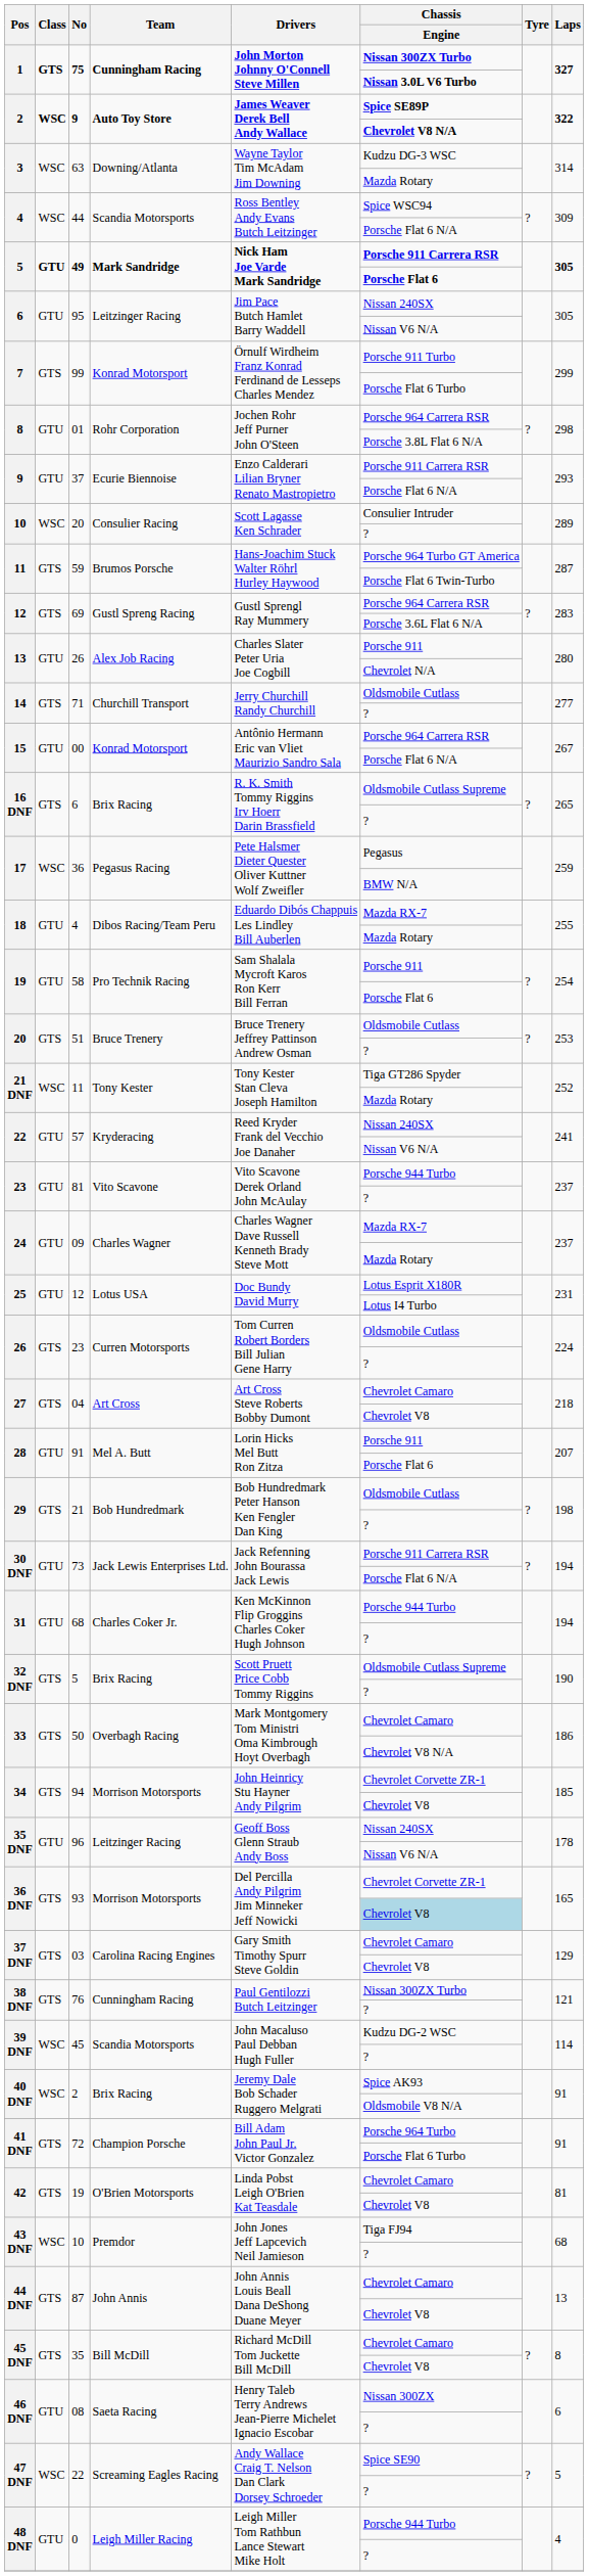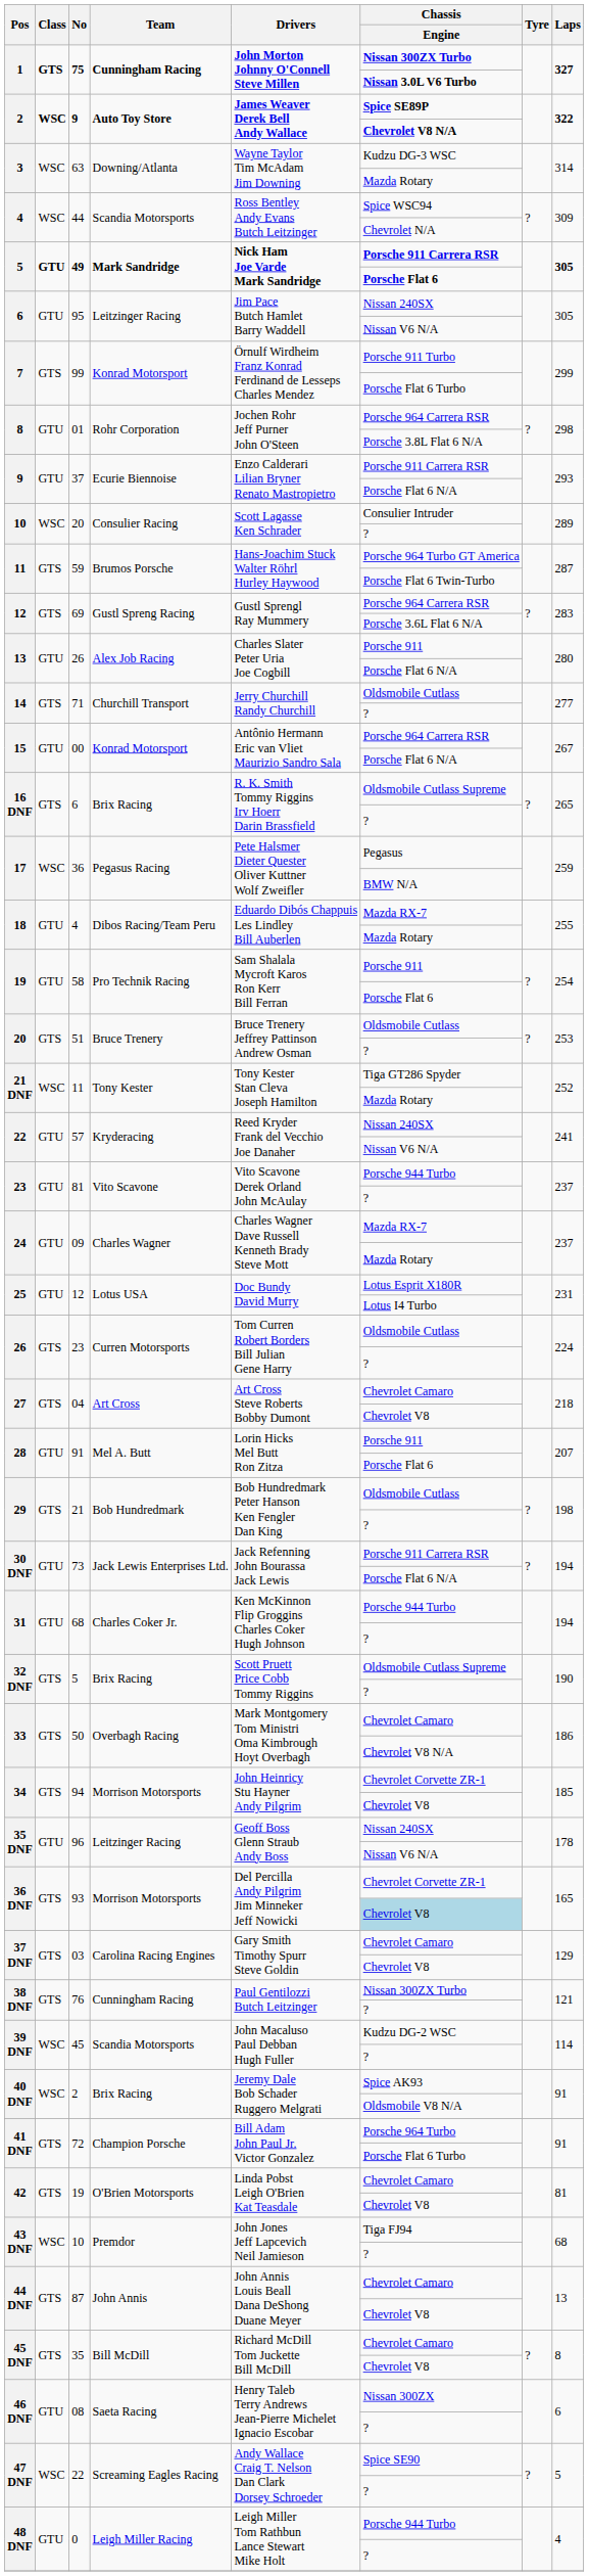 <table class="wikitable" style="font-size: 95%">
 <tr>
 <th rowspan=2>Pos</th>
 <th rowspan=2>Class</th>
 <th rowspan=2>No</th>
 <th rowspan=2>Team</th>
 <th rowspan=2>Drivers</th>
 <th>Chassis</th>
 <th rowspan=2>Tyre</th>
 <th rowspan=2>Laps</th>
 </tr>
 <tr>
 <th>Engine</th>
 </tr>
 <tr style="font-weight:bold">
 <th rowspan=2>1</th>
 <td rowspan=2>GTS</td>
 <td rowspan=2>75</td>
 <td rowspan=2> Cunningham Racing</td>
 <td rowspan=2> <a href='#'>John Morton</a><br> <a href='#'>Johnny O'Connell</a><br> <a href='#'>Steve Millen</a></td>
 <td><a href='#'>Nissan 300ZX Turbo</a></td>
 <td rowspan=2></td>
 <td rowspan=2>327</td>
 </tr>
 <tr style="font-weight:bold">
 <td><a href='#'>Nissan</a> 3.0L V6 Turbo</td>
 </tr>
 <tr style="font-weight:bold">
 <th rowspan=2>2</th>
 <td rowspan=2>WSC</td>
 <td rowspan=2>9</td>
 <td rowspan=2> Auto Toy Store</td>
 <td rowspan=2> <a href='#'>James Weaver</a><br> <a href='#'>Derek Bell</a><br> <a href='#'>Andy Wallace</a></td>
 <td><a href='#'>Spice</a> SE89P</td>
 <td rowspan=2></td>
 <td rowspan=2>322</td>
 </tr>
 <tr style="font-weight:bold">
 <td><a href='#'>Chevrolet</a> V8 N/A</td>
 </tr>
 <tr>
 <th rowspan=2>3</th>
 <td rowspan=2>WSC</td>
 <td rowspan=2>63</td>
 <td rowspan=2> Downing/Atlanta</td>
 <td rowspan=2> <a href='#'>Wayne Taylor</a><br> Tim McAdam<br> <a href='#'>Jim Downing</a></td>
 <td>Kudzu DG-3 WSC</td>
 <td rowspan=2></td>
 <td rowspan=2>314</td>
 </tr>
 <tr>
 <td><a href='#'>Mazda</a> Rotary</td>
 </tr>
 <tr>
 <th rowspan=2>4</th>
 <td rowspan=2>WSC</td>
 <td rowspan=2>44</td>
 <td rowspan=2> Scandia Motorsports</td>
 <td rowspan=2> <a href='#'>Ross Bentley</a><br> <a href='#'>Andy Evans</a><br> <a href='#'>Butch Leitzinger</a></td>
 <td><a href='#'>Spice</a> WSC94</td>
 <td rowspan=2>?</td>
 <td rowspan=2>309</td>
 </tr>
 <tr>
-<td><a href='#'>Porsche</a> Flat 6 N/A</td>
+<td><a href='#'>Chevrolet</a> N/A</td>
 </tr>
 <tr style="font-weight:bold">
 <th rowspan=2>5</th>
 <td rowspan=2>GTU</td>
 <td rowspan=2>49</td>
 <td rowspan=2> Mark Sandridge</td>
 <td rowspan=2> Nick Ham<br> <a href='#'>Joe Varde</a><br> Mark Sandridge</td>
 <td><a href='#'>Porsche 911 Carrera RSR</a></td>
 <td rowspan=2></td>
 <td rowspan=2>305</td>
 </tr>
 <tr style="font-weight:bold">
 <td><a href='#'>Porsche</a> Flat 6</td>
 </tr>
 <tr>
 <th rowspan=2>6</th>
 <td rowspan=2>GTU</td>
 <td rowspan=2>95</td>
 <td rowspan=2> Leitzinger Racing</td>
 <td rowspan=2> <a href='#'>Jim Pace</a><br> Butch Hamlet<br> Barry Waddell</td>
 <td><a href='#'>Nissan 240SX</a></td>
 <td rowspan=2></td>
 <td rowspan=2>305</td>
 </tr>
 <tr>
 <td><a href='#'>Nissan</a> V6 N/A</td>
 </tr>
 <tr>
 <th rowspan=2>7</th>
 <td rowspan=2>GTS</td>
 <td rowspan=2>99</td>
 <td rowspan=2> <a href='#'>Konrad Motorsport</a></td>
 <td rowspan=2> Örnulf Wirdheim<br> <a href='#'>Franz Konrad</a><br> Ferdinand de Lesseps<br> Charles Mendez</td>
 <td><a href='#'>Porsche 911 Turbo</a></td>
 <td rowspan=2></td>
 <td rowspan=2>299</td>
 </tr>
 <tr>
 <td><a href='#'>Porsche</a> Flat 6 Turbo</td>
 </tr>
 <tr>
 <th rowspan=2>8</th>
 <td rowspan=2>GTU</td>
 <td rowspan=2>01</td>
 <td rowspan=2> Rohr Corporation</td>
 <td rowspan=2> Jochen Rohr<br> Jeff Purner<br> John O'Steen</td>
 <td><a href='#'>Porsche 964 Carrera RSR</a></td>
 <td rowspan=2>?</td>
 <td rowspan=2>298</td>
 </tr>
 <tr>
 <td><a href='#'>Porsche</a> 3.8L Flat 6 N/A</td>
 </tr>
 <tr>
 <th rowspan=2>9</th>
 <td rowspan=2>GTU</td>
 <td rowspan=2>37</td>
 <td rowspan=2> Ecurie Biennoise</td>
 <td rowspan=2> Enzo Calderari<br> <a href='#'>Lilian Bryner</a><br> <a href='#'>Renato Mastropietro</a></td>
 <td><a href='#'>Porsche 911 Carrera RSR</a></td>
 <td rowspan=2></td>
 <td rowspan=2>293</td>
 </tr>
 <tr>
 <td><a href='#'>Porsche</a> Flat 6 N/A</td>
 </tr>
 <tr>
 <th rowspan=2>10</th>
 <td rowspan=2>WSC</td>
 <td rowspan=2>20</td>
 <td rowspan=2> Consulier Racing</td>
 <td rowspan=2> <a href='#'>Scott Lagasse</a><br> <a href='#'>Ken Schrader</a></td>
 <td>Consulier Intruder</td>
 <td rowspan=2></td>
 <td rowspan=2>289</td>
 </tr>
 <tr>
 <td>?</td>
 </tr>
 <tr>
 <th rowspan=2>11</th>
 <td rowspan=2>GTS</td>
 <td rowspan=2>59</td>
 <td rowspan=2> Brumos Porsche</td>
 <td rowspan=2> <a href='#'>Hans-Joachim Stuck</a><br> <a href='#'>Walter Röhrl</a><br> <a href='#'>Hurley Haywood</a></td>
 <td><a href='#'>Porsche 964 Turbo GT America</a></td>
 <td rowspan=2></td>
 <td rowspan=2>287</td>
 </tr>
 <tr>
 <td><a href='#'>Porsche</a> Flat 6 Twin-Turbo</td>
 </tr>
 <tr>
 <th rowspan=2>12</th>
 <td rowspan=2>GTS</td>
 <td rowspan=2>69</td>
 <td rowspan=2> Gustl Spreng Racing</td>
 <td rowspan=2> Gustl Sprengl<br> Ray Mummery</td>
 <td><a href='#'>Porsche 964 Carrera RSR</a></td>
 <td rowspan=2>?</td>
 <td rowspan=2>283</td>
 </tr>
 <tr>
 <td><a href='#'>Porsche</a> 3.6L Flat 6 N/A</td>
 </tr>
 <tr>
 <th rowspan=2>13</th>
 <td rowspan=2>GTU</td>
 <td rowspan=2>26</td>
 <td rowspan=2> <a href='#'>Alex Job Racing</a></td>
 <td rowspan=2> Charles Slater<br> Peter Uria<br> Joe Cogbill</td>
 <td><a href='#'>Porsche 911</a></td>
 <td rowspan=2></td>
 <td rowspan=2>280</td>
 </tr>
 <tr>
-<td><a href='#'>Chevrolet</a> N/A</td>
+<td><a href='#'>Porsche</a> Flat 6 N/A</td>
 </tr>
 <tr>
 <th rowspan=2>14</th>
 <td rowspan=2>GTS</td>
 <td rowspan=2>71</td>
 <td rowspan=2> Churchill Transport</td>
 <td rowspan=2> <a href='#'>Jerry Churchill</a><br> <a href='#'>Randy Churchill</a></td>
 <td><a href='#'>Oldsmobile Cutlass</a></td>
 <td rowspan=2></td>
 <td rowspan=2>277</td>
 </tr>
 <tr>
 <td>?</td>
 </tr>
 <tr>
 <th rowspan=2>15</th>
 <td rowspan=2>GTU</td>
 <td rowspan=2>00</td>
 <td rowspan=2> <a href='#'>Konrad Motorsport</a></td>
 <td rowspan=2> Antônio Hermann<br> Eric van Vliet<br> <a href='#'>Maurizio Sandro Sala</a></td>
 <td><a href='#'>Porsche 964 Carrera RSR</a></td>
 <td rowspan=2></td>
 <td rowspan=2>267</td>
 </tr>
 <tr>
 <td><a href='#'>Porsche</a> Flat 6 N/A</td>
 </tr>
 <tr>
 <th rowspan=2>16<br>DNF</th>
 <td rowspan=2>GTS</td>
 <td rowspan=2>6</td>
 <td rowspan=2> Brix Racing</td>
 <td rowspan=2> <a href='#'>R. K. Smith</a><br> Tommy Riggins<br> <a href='#'>Irv Hoerr</a><br> <a href='#'>Darin Brassfield</a></td>
 <td><a href='#'>Oldsmobile Cutlass Supreme</a></td>
 <td rowspan=2>?</td>
 <td rowspan=2>265</td>
 </tr>
 <tr>
 <td>?</td>
 </tr>
 <tr>
 <th rowspan=2>17</th>
 <td rowspan=2>WSC</td>
 <td rowspan=2>36</td>
 <td rowspan=2> Pegasus Racing</td>
 <td rowspan=2> <a href='#'>Pete Halsmer</a><br> <a href='#'>Dieter Quester</a><br> Oliver Kuttner<br> Wolf Zweifler</td>
 <td>Pegasus</td>
 <td rowspan=2></td>
 <td rowspan=2>259</td>
 </tr>
 <tr>
 <td><a href='#'>BMW</a> N/A</td>
 </tr>
 <tr>
 <th rowspan=2>18</th>
 <td rowspan=2>GTU</td>
 <td rowspan=2>4</td>
 <td rowspan=2> Dibos Racing/Team Peru</td>
 <td rowspan=2> <a href='#'>Eduardo Dibós Chappuis</a><br> Les Lindley<br> <a href='#'>Bill Auberlen</a></td>
 <td><a href='#'>Mazda RX-7</a></td>
 <td rowspan=2></td>
 <td rowspan=2>255</td>
 </tr>
 <tr>
 <td><a href='#'>Mazda</a> Rotary</td>
 </tr>
 <tr>
 <th rowspan=2>19</th>
 <td rowspan=2>GTU</td>
 <td rowspan=2>58</td>
 <td rowspan=2> Pro Technik Racing</td>
 <td rowspan=2> Sam Shalala<br> Mycroft Karos<br> Ron Kerr<br> Bill Ferran</td>
 <td><a href='#'>Porsche 911</a></td>
 <td rowspan=2>?</td>
 <td rowspan=2>254</td>
 </tr>
 <tr>
 <td><a href='#'>Porsche</a> Flat 6</td>
 </tr>
 <tr>
 <th rowspan=2>20</th>
 <td rowspan=2>GTS</td>
 <td rowspan=2>51</td>
 <td rowspan=2> Bruce Trenery</td>
 <td rowspan=2> Bruce Trenery<br> Jeffrey Pattinson<br> Andrew Osman</td>
 <td><a href='#'>Oldsmobile Cutlass</a></td>
 <td rowspan=2>?</td>
 <td rowspan=2>253</td>
 </tr>
 <tr>
 <td>?</td>
 </tr>
 <tr>
 <th rowspan=2>21<br>DNF</th>
 <td rowspan=2>WSC</td>
 <td rowspan=2>11</td>
 <td rowspan=2> Tony Kester</td>
 <td rowspan=2> Tony Kester<br> Stan Cleva<br> Joseph Hamilton</td>
 <td>Tiga GT286 Spyder</td>
 <td rowspan=2></td>
 <td rowspan=2>252</td>
 </tr>
 <tr>
 <td><a href='#'>Mazda</a> Rotary</td>
 </tr>
 <tr>
 <th rowspan=2>22</th>
 <td rowspan=2>GTU</td>
 <td rowspan=2>57</td>
 <td rowspan=2> Kryderacing</td>
 <td rowspan=2> Reed Kryder<br> Frank del Vecchio<br> Joe Danaher</td>
 <td><a href='#'>Nissan 240SX</a></td>
 <td rowspan=2></td>
 <td rowspan=2>241</td>
 </tr>
 <tr>
 <td><a href='#'>Nissan</a> V6 N/A</td>
 </tr>
 <tr>
 <th rowspan=2>23</th>
 <td rowspan=2>GTU</td>
 <td rowspan=2>81</td>
 <td rowspan=2> Vito Scavone</td>
 <td rowspan=2> Vito Scavone<br> Derek Orland<br> John McAulay</td>
 <td><a href='#'>Porsche 944 Turbo</a></td>
 <td rowspan=2></td>
 <td rowspan=2>237</td>
 </tr>
 <tr>
 <td>?</td>
 </tr>
 <tr>
 <th rowspan=2>24</th>
 <td rowspan=2>GTU</td>
 <td rowspan=2>09</td>
 <td rowspan=2> Charles Wagner</td>
 <td rowspan=2> Charles Wagner<br> Dave Russell<br> Kenneth Brady<br> Steve Mott</td>
 <td><a href='#'>Mazda RX-7</a></td>
 <td rowspan=2></td>
 <td rowspan=2>237</td>
 </tr>
 <tr>
 <td><a href='#'>Mazda</a> Rotary</td>
 </tr>
 <tr>
 <th rowspan=2>25</th>
 <td rowspan=2>GTU</td>
 <td rowspan=2>12</td>
 <td rowspan=2> Lotus USA</td>
 <td rowspan=2> <a href='#'>Doc Bundy</a><br> <a href='#'>David Murry</a></td>
 <td><a href='#'>Lotus Esprit X180R</a></td>
 <td rowspan=2></td>
 <td rowspan=2>231</td>
 </tr>
 <tr>
 <td><a href='#'>Lotus</a> I4 Turbo</td>
 </tr>
 <tr>
 <th rowspan=2>26</th>
 <td rowspan=2>GTS</td>
 <td rowspan=2>23</td>
 <td rowspan=2> Curren Motorsports</td>
 <td rowspan=2> Tom Curren<br> <a href='#'>Robert Borders</a><br> Bill Julian<br> Gene Harry</td>
 <td><a href='#'>Oldsmobile Cutlass</a></td>
 <td rowspan=2></td>
 <td rowspan=2>224</td>
 </tr>
 <tr>
 <td>?</td>
 </tr>
 <tr>
 <th rowspan=2>27</th>
 <td rowspan=2>GTS</td>
 <td rowspan=2>04</td>
 <td rowspan=2> <a href='#'>Art Cross</a></td>
 <td rowspan=2> <a href='#'>Art Cross</a><br> Steve Roberts<br> Bobby Dumont</td>
 <td><a href='#'>Chevrolet Camaro</a></td>
 <td rowspan=2></td>
 <td rowspan=2>218</td>
 </tr>
 <tr>
 <td><a href='#'>Chevrolet</a> V8</td>
 </tr>
 <tr>
 <th rowspan=2>28</th>
 <td rowspan=2>GTU</td>
 <td rowspan=2>91</td>
 <td rowspan=2> Mel A. Butt</td>
 <td rowspan=2> Lorin Hicks<br> Mel Butt<br> Ron Zitza</td>
 <td><a href='#'>Porsche 911</a></td>
 <td rowspan=2></td>
 <td rowspan=2>207</td>
 </tr>
 <tr>
 <td><a href='#'>Porsche</a> Flat 6</td>
 </tr>
 <tr>
 <th rowspan=2>29</th>
 <td rowspan=2>GTS</td>
 <td rowspan=2>21</td>
 <td rowspan=2> Bob Hundredmark</td>
 <td rowspan=2> Bob Hundredmark<br> Peter Hanson<br> Ken Fengler<br> Dan King</td>
 <td><a href='#'>Oldsmobile Cutlass</a></td>
 <td rowspan=2>?</td>
 <td rowspan=2>198</td>
 </tr>
 <tr>
 <td>?</td>
 </tr>
 <tr>
 <th rowspan=2>30<br>DNF</th>
 <td rowspan=2>GTU</td>
 <td rowspan=2>73</td>
 <td rowspan=2> Jack Lewis Enterprises Ltd.</td>
 <td rowspan=2> Jack Refenning<br> John Bourassa<br> Jack Lewis</td>
 <td><a href='#'>Porsche 911 Carrera RSR</a></td>
 <td rowspan=2>?</td>
 <td rowspan=2>194</td>
 </tr>
 <tr>
 <td><a href='#'>Porsche</a> Flat 6 N/A</td>
 </tr>
 <tr>
 <th rowspan=2>31</th>
 <td rowspan=2>GTU</td>
 <td rowspan=2>68</td>
 <td rowspan=2> Charles Coker Jr.</td>
 <td rowspan=2> Ken McKinnon<br> Flip Groggins<br> Charles Coker<br> Hugh Johnson</td>
 <td><a href='#'>Porsche 944 Turbo</a></td>
 <td rowspan=2></td>
 <td rowspan=2>194</td>
 </tr>
 <tr>
 <td>?</td>
 </tr>
 <tr>
 <th rowspan=2>32<br>DNF</th>
 <td rowspan=2>GTS</td>
 <td rowspan=2>5</td>
 <td rowspan=2> Brix Racing</td>
 <td rowspan=2> <a href='#'>Scott Pruett</a><br> <a href='#'>Price Cobb</a><br> Tommy Riggins</td>
 <td><a href='#'>Oldsmobile Cutlass Supreme</a></td>
 <td rowspan=2></td>
 <td rowspan=2>190</td>
 </tr>
 <tr>
 <td>?</td>
 </tr>
 <tr>
 <th rowspan=2>33</th>
 <td rowspan=2>GTS</td>
 <td rowspan=2>50</td>
 <td rowspan=2> Overbagh Racing</td>
 <td rowspan=2> Mark Montgomery<br> Tom Ministri<br> Oma Kimbrough<br> Hoyt Overbagh</td>
 <td><a href='#'>Chevrolet Camaro</a></td>
 <td rowspan=2></td>
 <td rowspan=2>186</td>
 </tr>
 <tr>
 <td><a href='#'>Chevrolet</a> V8 N/A</td>
 </tr>
 <tr>
 <th rowspan=2>34</th>
 <td rowspan=2>GTS</td>
 <td rowspan=2>94</td>
 <td rowspan=2> Morrison Motorsports</td>
 <td rowspan=2> <a href='#'>John Heinricy</a><br> Stu Hayner<br> <a href='#'>Andy Pilgrim</a></td>
 <td><a href='#'>Chevrolet Corvette ZR-1</a></td>
 <td rowspan=2></td>
 <td rowspan=2>185</td>
 </tr>
 <tr>
 <td><a href='#'>Chevrolet</a> V8</td>
 </tr>
 <tr>
 <th rowspan=2>35<br>DNF</th>
 <td rowspan=2>GTU</td>
 <td rowspan=2>96</td>
 <td rowspan=2> Leitzinger Racing</td>
 <td rowspan=2> <a href='#'>Geoff Boss</a><br> Glenn Straub<br> <a href='#'>Andy Boss</a></td>
 <td><a href='#'>Nissan 240SX</a></td>
 <td rowspan=2></td>
 <td rowspan=2>178</td>
 </tr>
 <tr>
 <td><a href='#'>Nissan</a> V6 N/A</td>
 </tr>
 <tr>
 <th rowspan=2>36<br>DNF</th>
 <td rowspan=2>GTS</td>
 <td rowspan=2>93</td>
 <td rowspan=2> Morrison Motorsports</td>
 <td rowspan=2> Del Percilla<br> <a href='#'>Andy Pilgrim</a><br> Jim Minneker<br> Jeff Nowicki</td>
 <td><a href='#'>Chevrolet Corvette ZR-1</a></td>
 <td rowspan=2></td>
 <td rowspan=2>165</td>
 </tr>
 <tr>
 <td style="background: lightblue;"><a href='#'>Chevrolet</a> V8</td>
 </tr>
 <tr>
 <th rowspan=2>37<br>DNF</th>
 <td rowspan=2>GTS</td>
 <td rowspan=2>03</td>
 <td rowspan=2> Carolina Racing Engines</td>
 <td rowspan=2> Gary Smith<br> Timothy Spurr<br> Steve Goldin</td>
 <td><a href='#'>Chevrolet Camaro</a></td>
 <td rowspan=2></td>
 <td rowspan=2>129</td>
 </tr>
 <tr>
 <td><a href='#'>Chevrolet</a> V8</td>
 </tr>
 <tr>
 <th rowspan=2>38<br>DNF</th>
 <td rowspan=2>GTS</td>
 <td rowspan=2>76</td>
 <td rowspan=2> Cunningham Racing</td>
 <td rowspan=2> <a href='#'>Paul Gentilozzi</a><br> <a href='#'>Butch Leitzinger</a></td>
 <td><a href='#'>Nissan 300ZX Turbo</a></td>
 <td rowspan=2></td>
 <td rowspan=2>121</td>
 </tr>
 <tr>
 <td>?</td>
 </tr>
 <tr>
 <th rowspan=2>39<br>DNF</th>
 <td rowspan=2>WSC</td>
 <td rowspan=2>45</td>
 <td rowspan=2> Scandia Motorsports</td>
 <td rowspan=2> John Macaluso<br> Paul Debban<br> Hugh Fuller</td>
 <td>Kudzu DG-2 WSC</td>
 <td rowspan=2></td>
 <td rowspan=2>114</td>
 </tr>
 <tr>
 <td>?</td>
 </tr>
 <tr>
 <th rowspan=2>40<br>DNF</th>
 <td rowspan=2>WSC</td>
 <td rowspan=2>2</td>
 <td rowspan=2> Brix Racing</td>
 <td rowspan=2> <a href='#'>Jeremy Dale</a><br> Bob Schader<br> Ruggero Melgrati</td>
 <td><a href='#'>Spice</a> AK93</td>
 <td rowspan=2></td>
 <td rowspan=2>91</td>
 </tr>
 <tr>
 <td><a href='#'>Oldsmobile</a> V8 N/A</td>
 </tr>
 <tr>
 <th rowspan=2>41<br>DNF</th>
 <td rowspan=2>GTS</td>
 <td rowspan=2>72</td>
 <td rowspan=2> Champion Porsche</td>
 <td rowspan=2> <a href='#'>Bill Adam</a><br> <a href='#'>John Paul Jr.</a><br> Victor Gonzalez</td>
 <td><a href='#'>Porsche 964 Turbo</a></td>
 <td rowspan=2></td>
 <td rowspan=2>91</td>
 </tr>
 <tr>
 <td><a href='#'>Porsche</a> Flat 6 Turbo</td>
 </tr>
 <tr>
 <th rowspan=2>42</th>
 <td rowspan=2>GTS</td>
 <td rowspan=2>19</td>
 <td rowspan=2> O'Brien Motorsports</td>
 <td rowspan=2> Linda Pobst<br> Leigh O'Brien<br> <a href='#'>Kat Teasdale</a></td>
 <td><a href='#'>Chevrolet Camaro</a></td>
 <td rowspan=2></td>
 <td rowspan=2>81</td>
 </tr>
 <tr>
 <td><a href='#'>Chevrolet</a> V8</td>
 </tr>
 <tr>
 <th rowspan=2>43<br>DNF</th>
 <td rowspan=2>WSC</td>
 <td rowspan=2>10</td>
 <td rowspan=2> Premdor</td>
 <td rowspan=2> John Jones<br> Jeff Lapcevich<br> Neil Jamieson</td>
 <td>Tiga FJ94</td>
 <td rowspan=2></td>
 <td rowspan=2>68</td>
 </tr>
 <tr>
 <td>?</td>
 </tr>
 <tr>
 <th rowspan=2>44<br>DNF</th>
 <td rowspan=2>GTS</td>
 <td rowspan=2>87</td>
 <td rowspan=2> John Annis</td>
 <td rowspan=2> John Annis<br> Louis Beall<br> Dana DeShong<br> Duane Meyer</td>
 <td><a href='#'>Chevrolet Camaro</a></td>
 <td rowspan=2></td>
 <td rowspan=2>13</td>
 </tr>
 <tr>
 <td><a href='#'>Chevrolet</a> V8</td>
 </tr>
 <tr>
 <th rowspan=2>45<br>DNF</th>
 <td rowspan=2>GTS</td>
 <td rowspan=2>35</td>
 <td rowspan=2> Bill McDill</td>
 <td rowspan=2> Richard McDill<br> Tom Juckette<br> Bill McDill</td>
 <td><a href='#'>Chevrolet Camaro</a></td>
 <td rowspan=2>?</td>
 <td rowspan=2>8</td>
 </tr>
 <tr>
 <td><a href='#'>Chevrolet</a> V8</td>
 </tr>
 <tr>
 <th rowspan=2>46<br>DNF</th>
 <td rowspan=2>GTU</td>
 <td rowspan=2>08</td>
 <td rowspan=2> Saeta Racing</td>
 <td rowspan=2> Henry Taleb<br> Terry Andrews<br> Jean-Pierre Michelet<br> Ignacio Escobar</td>
 <td><a href='#'>Nissan 300ZX</a></td>
 <td rowspan=2></td>
 <td rowspan=2>6</td>
 </tr>
 <tr>
 <td>?</td>
 </tr>
 <tr>
 <th rowspan=2>47<br>DNF</th>
 <td rowspan=2>WSC</td>
 <td rowspan=2>22</td>
 <td rowspan=2> Screaming Eagles Racing</td>
 <td rowspan=2> <a href='#'>Andy Wallace</a><br> <a href='#'>Craig T. Nelson</a><br> Dan Clark<br> <a href='#'>Dorsey Schroeder</a></td>
 <td><a href='#'>Spice SE90</a></td>
 <td rowspan=2>?</td>
 <td rowspan=2>5</td>
 </tr>
 <tr>
 <td>?</td>
 </tr>
 <tr>
 <th rowspan=2>48<br>DNF</th>
 <td rowspan=2>GTU</td>
 <td rowspan=2>0</td>
 <td rowspan=2> <a href='#'>Leigh Miller Racing</a></td>
 <td rowspan=2> Leigh Miller<br> Tom Rathbun<br> Lance Stewart<br> Mike Holt</td>
 <td><a href='#'>Porsche 944 Turbo</a></td>
 <td rowspan=2></td>
 <td rowspan=2>4</td>
 </tr>
 <tr>
 <td>?</td>
 </tr>
 <tr>
 </tr>
 </table>
